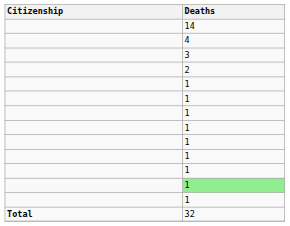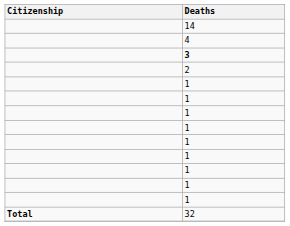 <table class="wikitable sortable floatright" style="font-size:88%; margin:0 0 1.5em 1.5em; width:30%">
 <tr>
 <th style="text-align:left;">Citizenship</th>
 <th style="text-align:left;">Deaths</th>
 </tr>
 <tr>
 <td style="text-align:left;"></td>
 <td>14</td>
 </tr>
 <tr>
 <td style="text-align:left;"></td>
 <td>4</td>
 </tr>
 <tr>
 <td style="text-align:left;"></td>
-<td>3</td>
+<td><strong>3</strong></td>
 </tr>
 <tr>
 <td style="text-align:left;"></td>
 <td>2</td>
 </tr>
 <tr>
 <td style="text-align:left;"></td>
 <td>1</td>
 </tr>
 <tr>
 <td style="text-align:left;"></td>
 <td>1</td>
 </tr>
 <tr>
 <td style="text-align:left;"></td>
 <td>1</td>
 </tr>
 <tr>
 <td style="text-align:left;"></td>
 <td>1</td>
 </tr>
 <tr>
 <td style="text-align:left;"></td>
 <td>1</td>
 </tr>
 <tr>
 <td style="text-align:left;"></td>
 <td>1</td>
 </tr>
 <tr>
 <td style="text-align:left;"></td>
 <td>1</td>
 </tr>
 <tr>
 <td style="text-align:left;"></td>
-<td style="background: lightgreen;">1</td>
+<td>1</td>
 </tr>
 <tr>
 <td style="text-align:left;"></td>
 <td>1</td>
 </tr>
 <tr class="sortbottom">
 <td><strong>Total</strong></td>
 <td>32</td>
 </tr>
 <tr class="sortbottom">
 </tr>
 </table>
